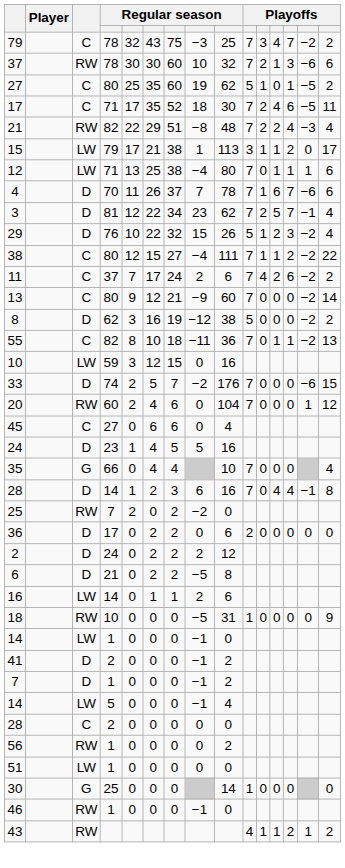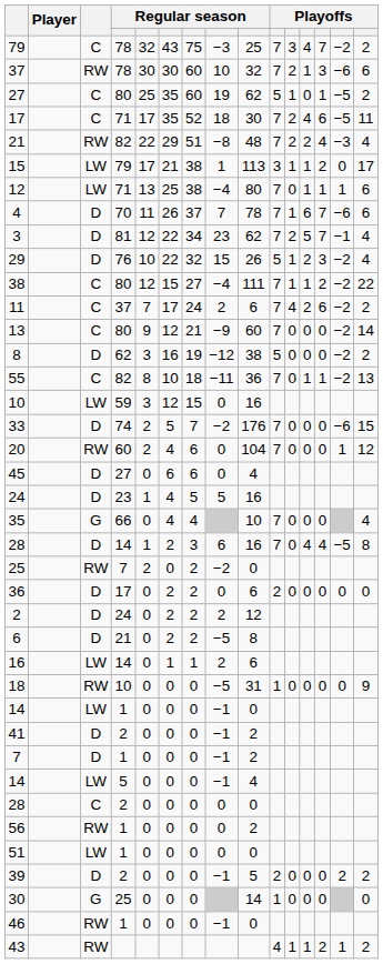 <table class="wikitable sortable plainrowheaders" style="text-align:center;">
 <tr>
 <th scope="col" data-sort-type="number" rowspan="2"></th>
 <th scope="col" rowspan="2">Player</th>
 <th scope="col" rowspan="2"></th>
 <th scope=colgroup colspan=6>Regular season</th>
 <th scope=colgroup colspan=6>Playoffs</th>
 </tr>
 <tr>
 <th scope="col" data-sort-type="number"></th>
 <th scope="col" data-sort-type="number"></th>
 <th scope="col" data-sort-type="number"></th>
 <th scope="col" data-sort-type="number"></th>
 <th scope="col" data-sort-type="number"></th>
 <th scope="col" data-sort-type="number"></th>
 <th scope="col" data-sort-type="number"></th>
 <th scope="col" data-sort-type="number"></th>
 <th scope="col" data-sort-type="number"></th>
 <th scope="col" data-sort-type="number"></th>
 <th scope="col" data-sort-type="number"></th>
 <th scope="col" data-sort-type="number"></th>
 </tr>
 <tr>
 <td scope="row">79</td>
 <td align="left"></td>
 <td>C</td>
 <td>78</td>
 <td>32</td>
 <td>43</td>
 <td>75</td>
 <td>−3</td>
 <td>25</td>
 <td>7</td>
 <td>3</td>
 <td>4</td>
 <td>7</td>
 <td>−2</td>
 <td>2</td>
 </tr>
 <tr>
 <td scope="row">37</td>
 <td align="left"></td>
 <td>RW</td>
 <td>78</td>
 <td>30</td>
 <td>30</td>
 <td>60</td>
 <td>10</td>
 <td>32</td>
 <td>7</td>
 <td>2</td>
 <td>1</td>
 <td>3</td>
 <td>−6</td>
 <td>6</td>
 </tr>
 <tr>
 <td scope="row">27</td>
 <td align="left"></td>
 <td>C</td>
 <td>80</td>
 <td>25</td>
 <td>35</td>
 <td>60</td>
 <td>19</td>
 <td>62</td>
 <td>5</td>
 <td>1</td>
 <td>0</td>
 <td>1</td>
 <td>−5</td>
 <td>2</td>
 </tr>
 <tr>
 <td scope="row">17</td>
 <td align="left"></td>
 <td>C</td>
 <td>71</td>
 <td>17</td>
 <td>35</td>
 <td>52</td>
 <td>18</td>
 <td>30</td>
 <td>7</td>
 <td>2</td>
 <td>4</td>
 <td>6</td>
 <td>−5</td>
 <td>11</td>
 </tr>
 <tr>
 <td scope="row">21</td>
 <td align="left"></td>
 <td>RW</td>
 <td>82</td>
 <td>22</td>
 <td>29</td>
 <td>51</td>
 <td>−8</td>
 <td>48</td>
 <td>7</td>
 <td>2</td>
 <td>2</td>
 <td>4</td>
 <td>−3</td>
 <td>4</td>
 </tr>
 <tr>
 <td scope="row">15</td>
 <td align="left"></td>
 <td>LW</td>
 <td>79</td>
 <td>17</td>
 <td>21</td>
 <td>38</td>
 <td>1</td>
 <td>113</td>
 <td>3</td>
 <td>1</td>
 <td>1</td>
 <td>2</td>
 <td>0</td>
 <td>17</td>
 </tr>
 <tr>
 <td scope="row">12</td>
 <td align="left"></td>
 <td>LW</td>
 <td>71</td>
 <td>13</td>
 <td>25</td>
 <td>38</td>
 <td>−4</td>
 <td>80</td>
 <td>7</td>
 <td>0</td>
 <td>1</td>
 <td>1</td>
 <td>1</td>
 <td>6</td>
 </tr>
 <tr>
 <td scope="row">4</td>
 <td align="left"></td>
 <td>D</td>
 <td>70</td>
 <td>11</td>
 <td>26</td>
 <td>37</td>
 <td>7</td>
 <td>78</td>
 <td>7</td>
 <td>1</td>
 <td>6</td>
 <td>7</td>
 <td>−6</td>
 <td>6</td>
 </tr>
 <tr>
 <td scope="row">3</td>
 <td align="left"></td>
 <td>D</td>
 <td>81</td>
 <td>12</td>
 <td>22</td>
 <td>34</td>
 <td>23</td>
 <td>62</td>
 <td>7</td>
 <td>2</td>
 <td>5</td>
 <td>7</td>
 <td>−1</td>
 <td>4</td>
 </tr>
 <tr>
 <td scope="row">29</td>
 <td align="left"></td>
 <td>D</td>
 <td>76</td>
 <td>10</td>
 <td>22</td>
 <td>32</td>
 <td>15</td>
 <td>26</td>
 <td>5</td>
 <td>1</td>
 <td>2</td>
 <td>3</td>
 <td>−2</td>
 <td>4</td>
 </tr>
 <tr>
 <td scope="row">38</td>
 <td align="left"></td>
 <td>C</td>
 <td>80</td>
 <td>12</td>
 <td>15</td>
 <td>27</td>
 <td>−4</td>
 <td>111</td>
 <td>7</td>
 <td>1</td>
 <td>1</td>
 <td>2</td>
 <td>−2</td>
 <td>22</td>
 </tr>
 <tr>
 <td scope="row">11</td>
 <td align="left"></td>
 <td>C</td>
 <td>37</td>
 <td>7</td>
 <td>17</td>
 <td>24</td>
 <td>2</td>
 <td>6</td>
 <td>7</td>
 <td>4</td>
 <td>2</td>
 <td>6</td>
 <td>−2</td>
 <td>2</td>
 </tr>
 <tr>
 <td scope="row">13</td>
 <td align="left"></td>
 <td>C</td>
 <td>80</td>
 <td>9</td>
 <td>12</td>
 <td>21</td>
 <td>−9</td>
 <td>60</td>
 <td>7</td>
 <td>0</td>
 <td>0</td>
 <td>0</td>
 <td>−2</td>
 <td>14</td>
 </tr>
 <tr>
 <td scope="row">8</td>
 <td align="left"></td>
 <td>D</td>
 <td>62</td>
 <td>3</td>
 <td>16</td>
 <td>19</td>
 <td>−12</td>
 <td>38</td>
 <td>5</td>
 <td>0</td>
 <td>0</td>
 <td>0</td>
 <td>−2</td>
 <td>2</td>
 </tr>
 <tr>
 <td scope="row">55</td>
 <td align="left"></td>
 <td>C</td>
 <td>82</td>
 <td>8</td>
 <td>10</td>
 <td>18</td>
 <td>−11</td>
 <td>36</td>
 <td>7</td>
 <td>0</td>
 <td>1</td>
 <td>1</td>
 <td>−2</td>
 <td>13</td>
 </tr>
 <tr>
 <td scope="row">10</td>
 <td align="left"></td>
 <td>LW</td>
 <td>59</td>
 <td>3</td>
 <td>12</td>
 <td>15</td>
 <td>0</td>
 <td>16</td>
 <td></td>
 <td></td>
 <td></td>
 <td></td>
 <td></td>
 <td></td>
 </tr>
 <tr>
 <td scope="row">33</td>
 <td align="left"></td>
 <td>D</td>
 <td>74</td>
 <td>2</td>
 <td>5</td>
 <td>7</td>
 <td>−2</td>
 <td>176</td>
 <td>7</td>
 <td>0</td>
 <td>0</td>
 <td>0</td>
 <td>−6</td>
 <td>15</td>
 </tr>
 <tr>
 <td scope="row">20</td>
 <td align="left"></td>
 <td>RW</td>
 <td>60</td>
 <td>2</td>
 <td>4</td>
 <td>6</td>
 <td>0</td>
 <td>104</td>
 <td>7</td>
 <td>0</td>
 <td>0</td>
 <td>0</td>
 <td>1</td>
 <td>12</td>
 </tr>
 <tr>
 <td scope="row">45</td>
 <td align="left"></td>
-<td>C</td>
+<td>D</td>
 <td>27</td>
 <td>0</td>
 <td>6</td>
 <td>6</td>
 <td>0</td>
 <td>4</td>
 <td></td>
 <td></td>
 <td></td>
 <td></td>
 <td></td>
 <td></td>
 </tr>
 <tr>
 <td scope="row">24</td>
 <td align="left"></td>
 <td>D</td>
 <td>23</td>
 <td>1</td>
 <td>4</td>
 <td>5</td>
 <td>5</td>
 <td>16</td>
 <td></td>
 <td></td>
 <td></td>
 <td></td>
 <td></td>
 <td></td>
 </tr>
 <tr>
 <td scope="row">35</td>
 <td align="left"></td>
 <td>G</td>
 <td>66</td>
 <td>0</td>
 <td>4</td>
 <td>4</td>
 <td style="background:#ccc"></td>
 <td>10</td>
 <td>7</td>
 <td>0</td>
 <td>0</td>
 <td>0</td>
 <td style="background:#ccc"></td>
 <td>4</td>
 </tr>
 <tr>
 <td scope="row">28</td>
 <td align="left"></td>
 <td>D</td>
 <td>14</td>
 <td>1</td>
 <td>2</td>
 <td>3</td>
 <td>6</td>
 <td>16</td>
 <td>7</td>
 <td>0</td>
 <td>4</td>
 <td>4</td>
-<td>−1</td>
+<td>−5</td>
 <td>8</td>
 </tr>
 <tr>
 <td scope="row">25</td>
 <td align="left"></td>
 <td>RW</td>
 <td>7</td>
 <td>2</td>
 <td>0</td>
 <td>2</td>
 <td>−2</td>
 <td>0</td>
 <td></td>
 <td></td>
 <td></td>
 <td></td>
 <td></td>
 <td></td>
 </tr>
 <tr>
 <td scope="row">36</td>
 <td align="left"></td>
 <td>D</td>
 <td>17</td>
 <td>0</td>
 <td>2</td>
 <td>2</td>
 <td>0</td>
 <td>6</td>
 <td>2</td>
 <td>0</td>
 <td>0</td>
 <td>0</td>
 <td>0</td>
 <td>0</td>
 </tr>
 <tr>
 <td scope="row">2</td>
 <td align="left"></td>
 <td>D</td>
 <td>24</td>
 <td>0</td>
 <td>2</td>
 <td>2</td>
 <td>2</td>
 <td>12</td>
 <td></td>
 <td></td>
 <td></td>
 <td></td>
 <td></td>
 <td></td>
 </tr>
 <tr>
 <td scope="row">6</td>
 <td align="left"></td>
 <td>D</td>
 <td>21</td>
 <td>0</td>
 <td>2</td>
 <td>2</td>
 <td>−5</td>
 <td>8</td>
 <td></td>
 <td></td>
 <td></td>
 <td></td>
 <td></td>
 <td></td>
 </tr>
 <tr>
 <td scope="row">16</td>
 <td align="left"></td>
 <td>LW</td>
 <td>14</td>
 <td>0</td>
 <td>1</td>
 <td>1</td>
 <td>2</td>
 <td>6</td>
 <td></td>
 <td></td>
 <td></td>
 <td></td>
 <td></td>
 <td></td>
 </tr>
 <tr>
 <td scope="row">18</td>
 <td align="left"></td>
 <td>RW</td>
 <td>10</td>
 <td>0</td>
 <td>0</td>
 <td>0</td>
 <td>−5</td>
 <td>31</td>
 <td>1</td>
 <td>0</td>
 <td>0</td>
 <td>0</td>
 <td>0</td>
 <td>9</td>
 </tr>
 <tr>
 <td scope="row">14</td>
 <td align="left"></td>
 <td>LW</td>
 <td>1</td>
 <td>0</td>
 <td>0</td>
 <td>0</td>
 <td>−1</td>
 <td>0</td>
 <td></td>
 <td></td>
 <td></td>
 <td></td>
 <td></td>
 <td></td>
 </tr>
 <tr>
 <td scope="row">41</td>
 <td align="left"></td>
 <td>D</td>
 <td>2</td>
 <td>0</td>
 <td>0</td>
 <td>0</td>
 <td>−1</td>
 <td>2</td>
 <td></td>
 <td></td>
 <td></td>
 <td></td>
 <td></td>
 <td></td>
 </tr>
 <tr>
 <td scope="row">7</td>
 <td align="left"></td>
 <td>D</td>
 <td>1</td>
 <td>0</td>
 <td>0</td>
 <td>0</td>
 <td>−1</td>
 <td>2</td>
 <td></td>
 <td></td>
 <td></td>
 <td></td>
 <td></td>
 <td></td>
 </tr>
 <tr>
 <td scope="row">14</td>
 <td align="left"></td>
 <td>LW</td>
 <td>5</td>
 <td>0</td>
 <td>0</td>
 <td>0</td>
 <td>−1</td>
 <td>4</td>
 <td></td>
 <td></td>
 <td></td>
 <td></td>
 <td></td>
 <td></td>
 </tr>
 <tr>
 <td scope="row">28</td>
 <td align="left"></td>
 <td>C</td>
 <td>2</td>
 <td>0</td>
 <td>0</td>
 <td>0</td>
 <td>0</td>
 <td>0</td>
 <td></td>
 <td></td>
 <td></td>
 <td></td>
 <td></td>
 <td></td>
 </tr>
 <tr>
 <td scope="row">56</td>
 <td align="left"></td>
 <td>RW</td>
 <td>1</td>
 <td>0</td>
 <td>0</td>
 <td>0</td>
 <td>0</td>
 <td>2</td>
 <td></td>
 <td></td>
 <td></td>
 <td></td>
 <td></td>
 <td></td>
 </tr>
 <tr>
 <td scope="row">51</td>
 <td align="left"></td>
 <td>LW</td>
 <td>1</td>
 <td>0</td>
 <td>0</td>
 <td>0</td>
 <td>0</td>
 <td>0</td>
 <td></td>
 <td></td>
 <td></td>
 <td></td>
 <td></td>
 <td></td>
 </tr>
 <tr>
+<td scope="row">39</td>
+<td align="left"></td>
+<td>D</td>
+<td>2</td>
+<td>0</td>
+<td>0</td>
+<td>0</td>
+<td>−1</td>
+<td>5</td>
+<td>2</td>
+<td>0</td>
+<td>0</td>
+<td>0</td>
+<td>2</td>
+<td>2</td>
+</tr>
+<tr>
 <td scope="row">30</td>
 <td align="left"></td>
 <td>G</td>
 <td>25</td>
 <td>0</td>
 <td>0</td>
 <td>0</td>
 <td style="background:#ccc"></td>
 <td>14</td>
 <td>1</td>
 <td>0</td>
 <td>0</td>
 <td>0</td>
 <td style="background:#ccc"></td>
 <td>0</td>
 </tr>
 <tr>
 <td scope="row">46</td>
 <td align="left"></td>
 <td>RW</td>
 <td>1</td>
 <td>0</td>
 <td>0</td>
 <td>0</td>
 <td>−1</td>
 <td>0</td>
 <td></td>
 <td></td>
 <td></td>
 <td></td>
 <td></td>
 <td></td>
 </tr>
 <tr>
 <td scope="row">43</td>
 <td align="left"></td>
 <td>RW</td>
 <td></td>
 <td></td>
 <td></td>
 <td></td>
 <td></td>
 <td></td>
 <td>4</td>
 <td>1</td>
 <td>1</td>
 <td>2</td>
 <td>1</td>
 <td>2</td>
 </tr>
 </table>
